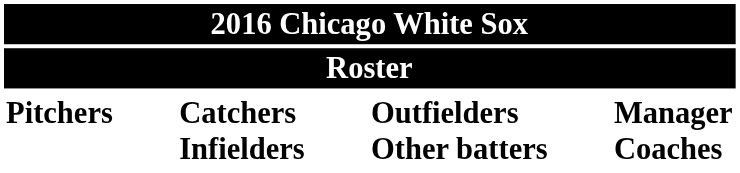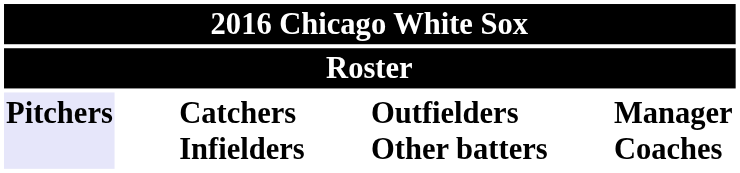 <table class="toccolours" style="font-size: 95%;">
 <tr>
 <th colspan="10" style="background:black; color:#fff; text-align:center;">2016 Chicago White Sox</th>
 </tr>
 <tr>
 <td colspan="10" style="background:black; color:white; text-align:center;"><strong>Roster</strong></td>
 </tr>
 <tr>
-<td valign="top"><strong>Pitchers</strong><br>                          </td>
+<td valign="top" style="background: lavender;"><strong>Pitchers</strong><br>                          </td>
 <td style="width:25px;"></td>
 <td valign="top"><strong>Catchers</strong><br>     <strong>Infielders</strong>       </td>
 <td style="width:25px;"></td>
 <td valign="top"><strong>Outfielders</strong><br>         <strong>Other batters</strong>  </td>
 <td style="width:25px;"></td>
 <td valign="top"><strong>Manager</strong><br> <strong>Coaches</strong>                </td>
 </tr>
 </table>
